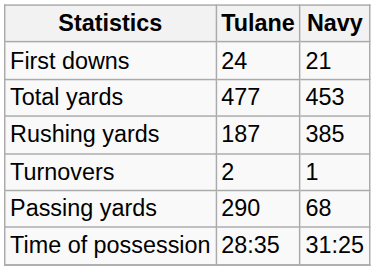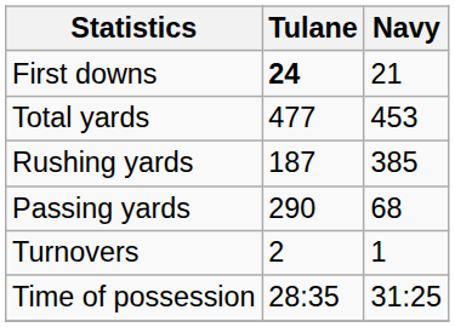 <table class="wikitable" style="float: left;">
 <tr>
 <th>Statistics</th>
 <th>Tulane</th>
 <th>Navy</th>
 </tr>
 <tr>
 <td>First downs</td>
-<td>24</td>
+<td><strong>24</strong></td>
 <td>21</td>
 </tr>
 <tr>
 <td>Total yards</td>
 <td>477</td>
 <td>453</td>
 </tr>
 <tr>
 <td>Rushing yards</td>
 <td>187</td>
 <td>385</td>
 </tr>
 <tr>
+<td>Passing yards</td>
+<td>290</td>
+<td>68</td>
+</tr>
+<tr>
 <td>Turnovers</td>
 <td>2</td>
 <td>1</td>
-</tr>
-<tr>
-<td>Passing yards</td>
-<td>290</td>
-<td>68</td>
 </tr>
 <tr>
 <td>Time of possession</td>
 <td>28:35</td>
 <td>31:25</td>
 </tr>
 <tr>
 </tr>
 </table>
